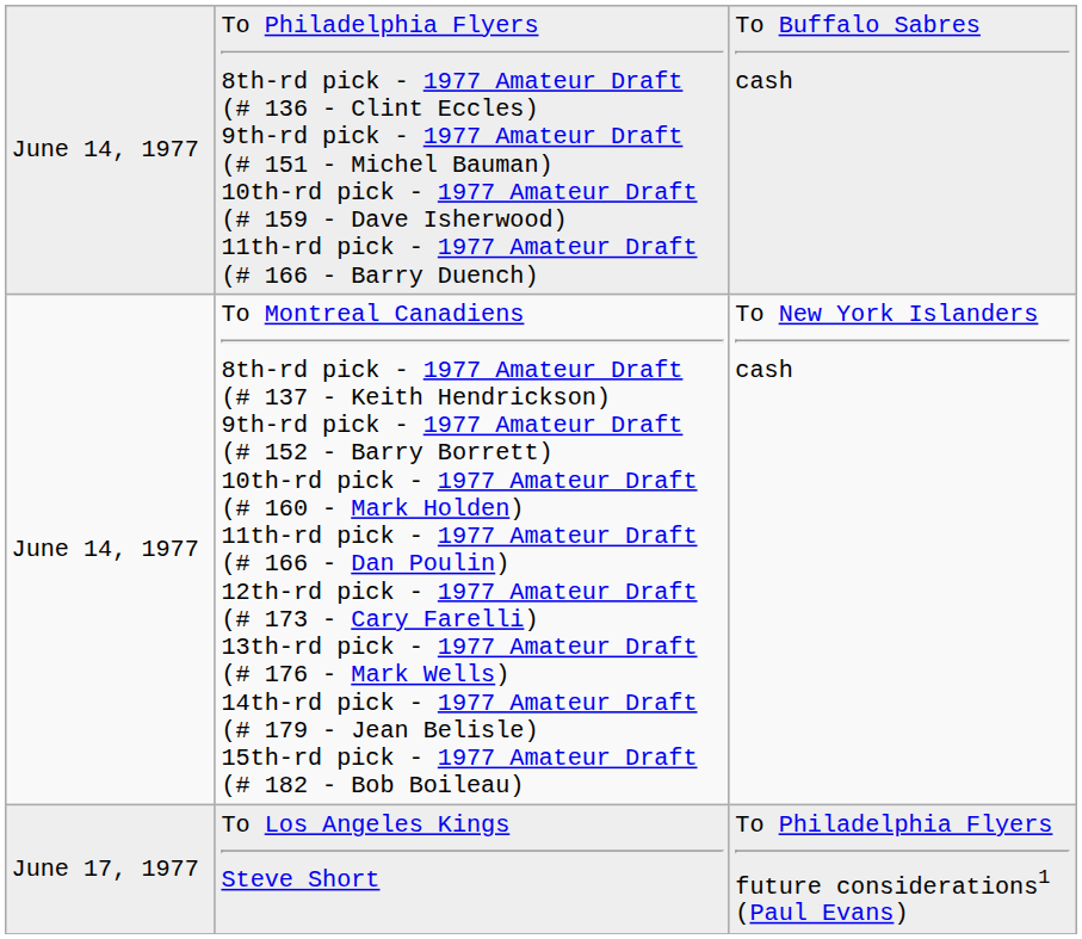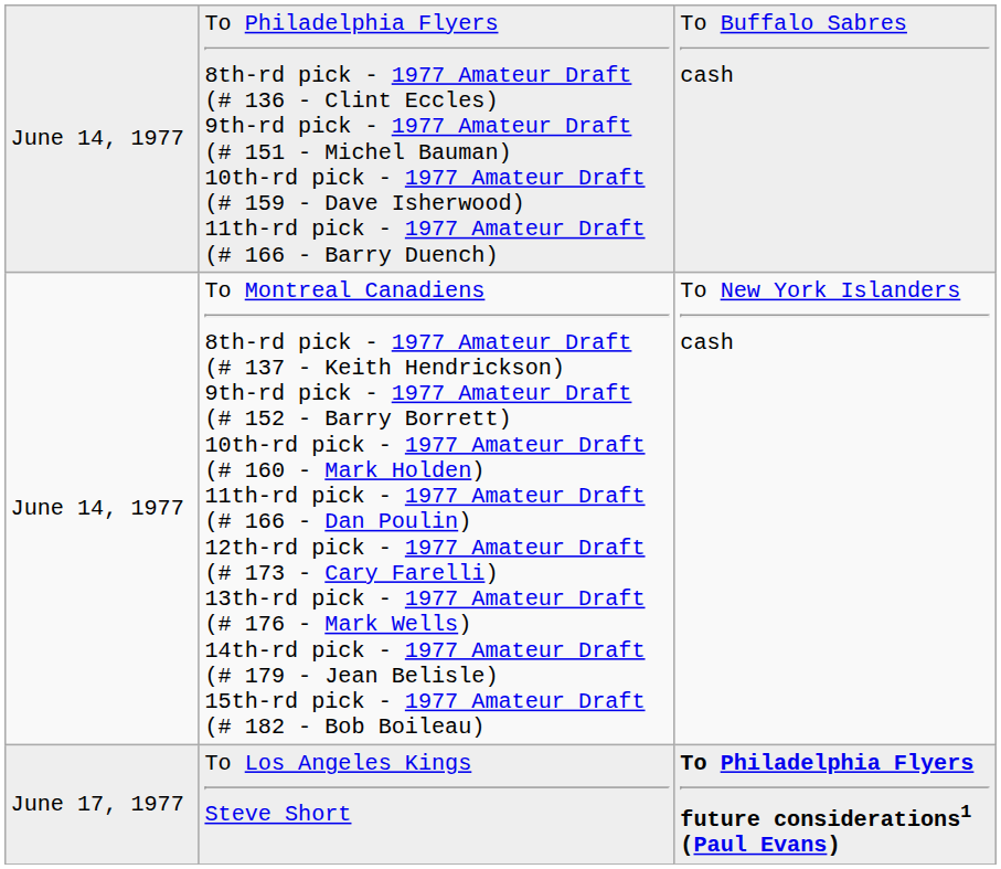 <table class="wikitable" style="border:1px solid #999; width:580px;">
 <tr style="background:#eee;">
 <td>June 14, 1977</td>
 <td valign="top">To <a href='#'>Philadelphia Flyers</a><hr>8th-rd pick - <a href='#'>1977 Amateur Draft</a><br>(# 136 - Clint Eccles)<br>9th-rd pick - <a href='#'>1977 Amateur Draft</a><br>(# 151 - Michel Bauman)<br>10th-rd pick - <a href='#'>1977 Amateur Draft</a><br>(# 159 - Dave Isherwood)<br>11th-rd pick - <a href='#'>1977 Amateur Draft</a><br>(# 166 - Barry Duench)</td>
 <td valign="top">To <a href='#'>Buffalo Sabres</a><hr>cash</td>
 </tr>
 <tr>
 <td>June 14, 1977</td>
 <td valign="top">To <a href='#'>Montreal Canadiens</a><hr>8th-rd pick - <a href='#'>1977 Amateur Draft</a><br>(# 137 - Keith Hendrickson)<br>9th-rd pick - <a href='#'>1977 Amateur Draft</a><br>(# 152 - Barry Borrett)<br>10th-rd pick - <a href='#'>1977 Amateur Draft</a><br>(# 160 - <a href='#'>Mark Holden</a>)<br>11th-rd pick - <a href='#'>1977 Amateur Draft</a><br>(# 166 - <a href='#'>Dan Poulin</a>)<br>12th-rd pick - <a href='#'>1977 Amateur Draft</a><br>(# 173 - <a href='#'>Cary Farelli</a>)<br>13th-rd pick - <a href='#'>1977 Amateur Draft</a><br>(# 176 - <a href='#'>Mark Wells</a>)<br>14th-rd pick - <a href='#'>1977 Amateur Draft</a><br>(# 179 - Jean Belisle)<br>15th-rd pick - <a href='#'>1977 Amateur Draft</a><br>(# 182 - Bob Boileau)</td>
 <td valign="top">To <a href='#'>New York Islanders</a><hr>cash</td>
 </tr>
 <tr style="background:#eee;">
 <td>June 17, 1977</td>
 <td valign="top">To <a href='#'>Los Angeles Kings</a><hr><a href='#'>Steve Short</a></td>
-<td valign="top">To <a href='#'>Philadelphia Flyers</a><hr>future considerations<sup>1</sup><br>(<a href='#'>Paul Evans</a>)</td>
+<td valign="top"><strong>To <a href='#'>Philadelphia Flyers</a><hr>future considerations<sup>1</sup><br>(<a href='#'>Paul Evans</a>)</strong></td>
 </tr>
 </table>
